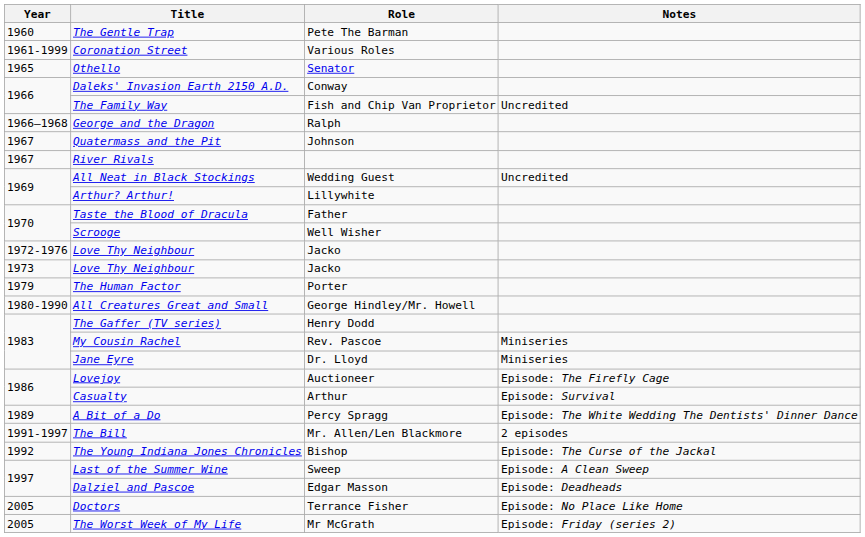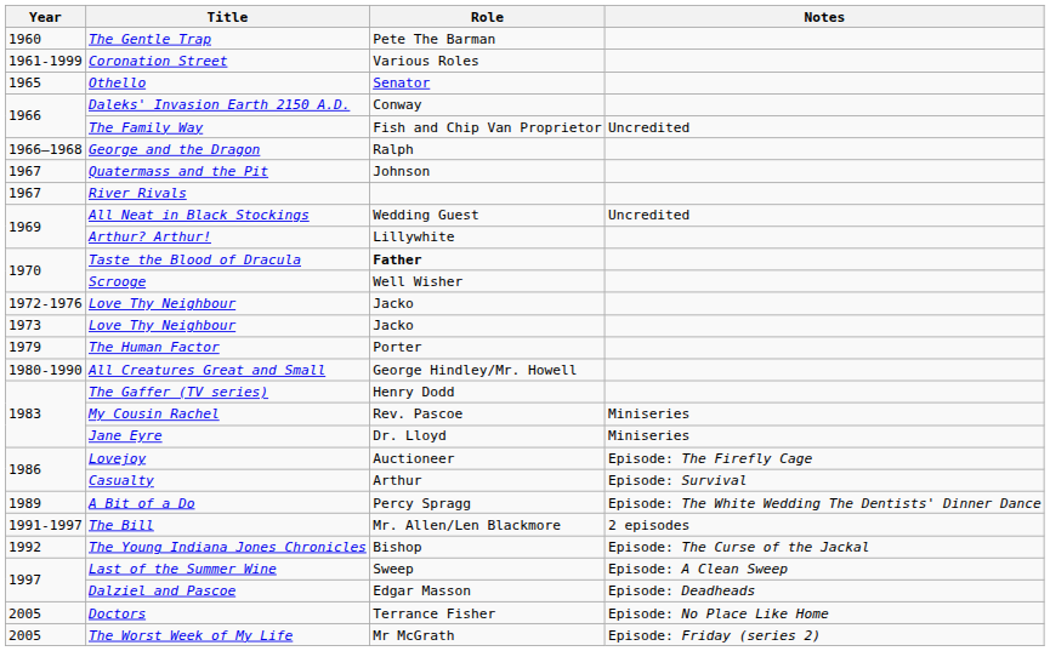 <table class="wikitable">
 <tr>
 <th>Year</th>
 <th>Title</th>
 <th>Role</th>
 <th>Notes</th>
 </tr>
 <tr>
 <td>1960</td>
 <td><em><a href='#'>The Gentle Trap</a></em></td>
 <td>Pete The Barman</td>
 <td></td>
 </tr>
 <tr>
 <td>1961-1999</td>
 <td><em><a href='#'>Coronation Street</a></em></td>
 <td>Various Roles</td>
 <td></td>
 </tr>
 <tr>
 <td>1965</td>
 <td><em><a href='#'>Othello</a></em></td>
 <td><a href='#'>Senator</a></td>
 <td></td>
 </tr>
 <tr>
 <td rowspan=2>1966</td>
 <td><em><a href='#'>Daleks' Invasion Earth 2150 A.D.</a></em></td>
 <td>Conway</td>
 <td></td>
 </tr>
 <tr>
 <td><em><a href='#'>The Family Way</a></em></td>
 <td>Fish and Chip Van Proprietor</td>
 <td>Uncredited</td>
 </tr>
 <tr>
 <td>1966–1968</td>
 <td><em><a href='#'>George and the Dragon</a></em></td>
 <td>Ralph</td>
 <td></td>
 </tr>
 <tr>
 <td>1967</td>
 <td><em><a href='#'>Quatermass and the Pit</a></em></td>
 <td>Johnson</td>
 <td></td>
 </tr>
 <tr>
 <td>1967</td>
 <td><em><a href='#'>River Rivals</a></em></td>
 <td></td>
 <td></td>
 </tr>
 <tr>
 <td rowspan=2>1969</td>
 <td><em><a href='#'>All Neat in Black Stockings</a></em></td>
 <td>Wedding Guest</td>
 <td>Uncredited</td>
 </tr>
 <tr>
 <td><em><a href='#'>Arthur? Arthur!</a></em></td>
 <td>Lillywhite</td>
 <td></td>
 </tr>
 <tr>
 <td rowspan=2>1970</td>
 <td><em><a href='#'>Taste the Blood of Dracula</a></em></td>
-<td>Father</td>
+<td><strong>Father</strong></td>
 <td></td>
 </tr>
 <tr>
 <td><em><a href='#'>Scrooge</a></em></td>
 <td>Well Wisher</td>
 <td></td>
 </tr>
 <tr>
 <td>1972-1976</td>
 <td><em><a href='#'>Love Thy Neighbour</a></em></td>
 <td>Jacko</td>
 <td></td>
 </tr>
 <tr>
 <td>1973</td>
 <td><em><a href='#'>Love Thy Neighbour</a></em></td>
 <td>Jacko</td>
 <td></td>
 </tr>
 <tr>
 <td>1979</td>
 <td><em><a href='#'>The Human Factor</a></em></td>
 <td>Porter</td>
 <td></td>
 </tr>
 <tr>
 <td>1980-1990</td>
 <td><em><a href='#'>All Creatures Great and Small</a></em></td>
 <td>George Hindley/Mr. Howell</td>
 <td></td>
 </tr>
 <tr>
 <td rowspan=3>1983</td>
 <td><em><a href='#'>The Gaffer (TV series)</a></em></td>
 <td>Henry Dodd</td>
 <td></td>
 </tr>
 <tr>
 <td><em><a href='#'>My Cousin Rachel</a></em></td>
 <td>Rev. Pascoe</td>
 <td>Miniseries</td>
 </tr>
 <tr>
 <td><em><a href='#'>Jane Eyre</a></em></td>
 <td>Dr. Lloyd</td>
 <td>Miniseries</td>
 </tr>
 <tr>
 <td rowspan=2>1986</td>
 <td><em><a href='#'>Lovejoy</a></em></td>
 <td>Auctioneer</td>
 <td>Episode: <em>The Firefly Cage</em></td>
 </tr>
 <tr>
 <td><em><a href='#'>Casualty</a></em></td>
 <td>Arthur</td>
 <td>Episode: <em>Survival</em></td>
 </tr>
 <tr>
 <td>1989</td>
 <td><em><a href='#'>A Bit of a Do</a></em></td>
 <td>Percy Spragg</td>
 <td>Episode: <em>The White Wedding</em> <em>The Dentists' Dinner Dance</em></td>
 </tr>
 <tr>
 <td>1991-1997</td>
 <td><em><a href='#'>The Bill</a></em></td>
 <td>Mr. Allen/Len Blackmore</td>
 <td>2 episodes</td>
 </tr>
 <tr>
 <td>1992</td>
 <td><em><a href='#'>The Young Indiana Jones Chronicles</a></em></td>
 <td>Bishop</td>
 <td>Episode: <em>The Curse of the Jackal</em></td>
 </tr>
 <tr>
 <td rowspan=2>1997</td>
 <td><em><a href='#'>Last of the Summer Wine</a></em></td>
 <td>Sweep</td>
 <td>Episode: <em>A Clean Sweep</em></td>
 </tr>
 <tr>
 <td><em><a href='#'>Dalziel and Pascoe</a></em></td>
 <td>Edgar Masson</td>
 <td>Episode: <em>Deadheads</em></td>
 </tr>
 <tr>
 <td>2005</td>
 <td><em><a href='#'>Doctors</a></em></td>
 <td>Terrance Fisher</td>
 <td>Episode: <em> No Place Like Home</em></td>
 </tr>
 <tr>
 <td>2005</td>
 <td><em><a href='#'>The Worst Week of My Life</a></em></td>
 <td>Mr McGrath</td>
 <td>Episode: <em> Friday (series 2)</em></td>
 </tr>
 </table>
